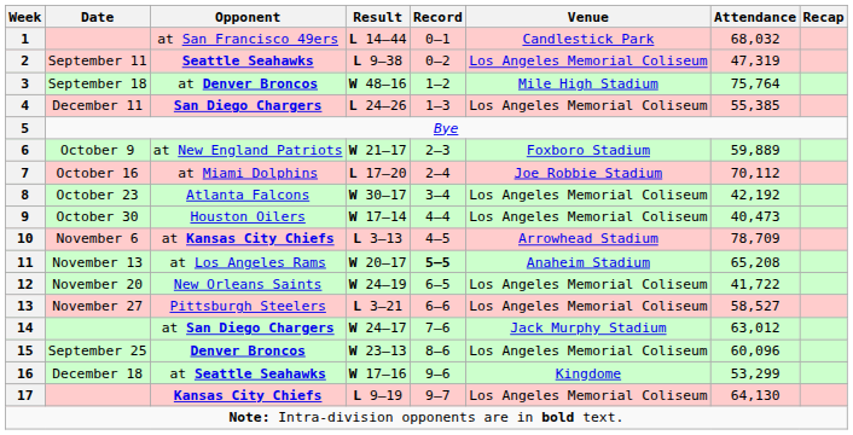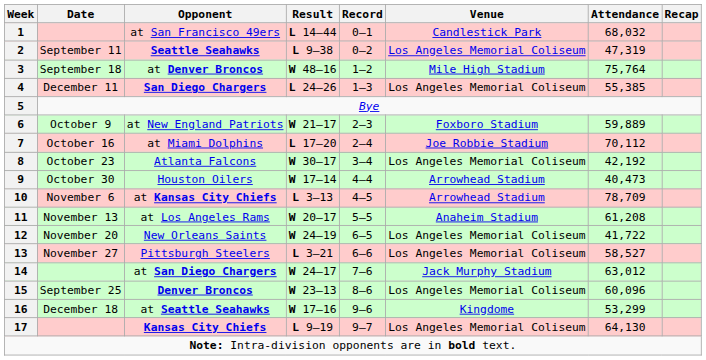 <table class="wikitable" style="text-align:center">
 <tr>
 <th>Week</th>
 <th>Date</th>
 <th>Opponent</th>
 <th>Result</th>
 <th>Record</th>
 <th>Venue</th>
 <th>Attendance</th>
 <th>Recap</th>
 </tr>
 <tr style="background: #fcc;">
 <th>1</th>
 <td></td>
 <td>at <a href='#'>San Francisco 49ers</a></td>
 <td><strong>L</strong> 14–44</td>
 <td>0–1</td>
 <td><a href='#'>Candlestick Park</a></td>
 <td>68,032</td>
 <td></td>
 </tr>
 <tr style="background: #fcc;">
 <th>2</th>
 <td>September 11</td>
 <td><strong><a href='#'>Seattle Seahawks</a></strong></td>
 <td><strong>L</strong> 9–38</td>
 <td>0–2</td>
 <td><a href='#'>Los Angeles Memorial Coliseum</a></td>
 <td>47,319</td>
 <td></td>
 </tr>
 <tr style="background: #cfc;">
 <th>3</th>
 <td>September 18</td>
 <td>at <strong><a href='#'>Denver Broncos</a></strong></td>
 <td><strong>W</strong> 48–16</td>
 <td>1–2</td>
 <td><a href='#'>Mile High Stadium</a></td>
 <td>75,764</td>
 <td></td>
 </tr>
 <tr style="background: #fcc;">
 <th>4</th>
 <td>December 11</td>
 <td><strong><a href='#'>San Diego Chargers</a></strong></td>
 <td><strong>L</strong> 24–26</td>
 <td>1–3</td>
 <td>Los Angeles Memorial Coliseum</td>
 <td>55,385</td>
 <td></td>
 </tr>
 <tr>
 <th>5</th>
 <td colspan="7"><em><a href='#'>Bye</a></em></td>
 </tr>
 <tr style="background: #cfc;">
 <th>6</th>
 <td>October 9</td>
 <td>at <a href='#'>New England Patriots</a></td>
 <td><strong>W</strong> 21–17</td>
 <td>2–3</td>
 <td><a href='#'>Foxboro Stadium</a></td>
 <td>59,889</td>
 <td></td>
 </tr>
 <tr style="background: #fcc;">
 <th>7</th>
 <td>October 16</td>
 <td>at <a href='#'>Miami Dolphins</a></td>
 <td><strong>L</strong> 17–20</td>
 <td>2–4</td>
 <td><a href='#'>Joe Robbie Stadium</a></td>
 <td>70,112</td>
 <td></td>
 </tr>
 <tr style="background: #cfc;">
 <th>8</th>
 <td>October 23</td>
 <td><a href='#'>Atlanta Falcons</a></td>
 <td><strong>W</strong> 30–17</td>
 <td>3–4</td>
 <td>Los Angeles Memorial Coliseum</td>
 <td>42,192</td>
 <td></td>
 </tr>
 <tr style="background: #cfc;">
 <th>9</th>
 <td>October 30</td>
 <td><a href='#'>Houston Oilers</a></td>
 <td><strong>W</strong> 17–14</td>
 <td>4–4</td>
-<td>Los Angeles Memorial Coliseum</td>
+<td><a href='#'>Arrowhead Stadium</a></td>
 <td>40,473</td>
 <td></td>
 </tr>
 <tr style="background: #fcc;">
 <th>10</th>
 <td>November 6</td>
 <td>at <strong><a href='#'>Kansas City Chiefs</a></strong></td>
 <td><strong>L</strong> 3–13</td>
 <td>4–5</td>
 <td><a href='#'>Arrowhead Stadium</a></td>
 <td>78,709</td>
 <td></td>
 </tr>
 <tr style="background: #cfc;">
 <th>11</th>
 <td>November 13</td>
 <td>at <a href='#'>Los Angeles Rams</a></td>
 <td><strong>W</strong> 20–17</td>
-<td><strong>5–5</strong></td>
+<td>5–5</td>
 <td><a href='#'>Anaheim Stadium</a></td>
-<td>65,208</td>
+<td>61,208</td>
 <td></td>
 </tr>
 <tr style="background: #cfc;">
 <th>12</th>
 <td>November 20</td>
 <td><a href='#'>New Orleans Saints</a></td>
 <td><strong>W</strong> 24–19</td>
 <td>6–5</td>
 <td>Los Angeles Memorial Coliseum</td>
 <td>41,722</td>
 <td></td>
 </tr>
 <tr style="background: #fcc;">
 <th>13</th>
 <td>November 27</td>
 <td><a href='#'>Pittsburgh Steelers</a></td>
 <td><strong>L</strong> 3–21</td>
 <td>6–6</td>
 <td>Los Angeles Memorial Coliseum</td>
 <td>58,527</td>
 <td></td>
 </tr>
 <tr style="background: #cfc;">
 <th>14</th>
 <td></td>
 <td>at <strong><a href='#'>San Diego Chargers</a></strong></td>
 <td><strong>W</strong> 24–17</td>
 <td>7–6</td>
 <td><a href='#'>Jack Murphy Stadium</a></td>
 <td>63,012</td>
 <td></td>
 </tr>
 <tr style="background: #cfc;">
 <th>15</th>
 <td>September 25</td>
 <td><strong><a href='#'>Denver Broncos</a></strong></td>
 <td><strong>W</strong> 23–13</td>
 <td>8–6</td>
 <td>Los Angeles Memorial Coliseum</td>
 <td>60,096</td>
 <td></td>
 </tr>
 <tr style="background: #cfc;">
 <th>16</th>
 <td>December 18</td>
 <td>at <strong><a href='#'>Seattle Seahawks</a></strong></td>
 <td><strong>W</strong> 17–16</td>
 <td>9–6</td>
 <td><a href='#'>Kingdome</a></td>
 <td>53,299</td>
 <td></td>
 </tr>
 <tr style="background: #fcc;">
 <th>17</th>
 <td></td>
 <td><strong><a href='#'>Kansas City Chiefs</a></strong></td>
 <td><strong>L</strong> 9–19</td>
 <td>9–7</td>
 <td>Los Angeles Memorial Coliseum</td>
 <td>64,130</td>
 <td></td>
 </tr>
 <tr>
 <td colspan="8"><strong>Note:</strong> Intra-division opponents are in <strong>bold</strong> text.</td>
 </tr>
 </table>
